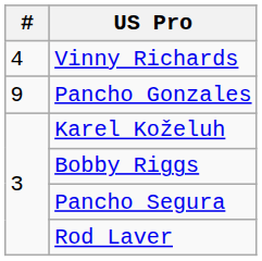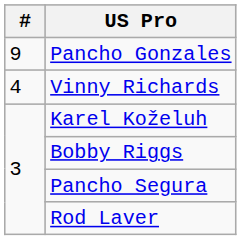 <table class=wikitable style="display:inline-table;">
 <tr>
 <th width=20>#</th>
 <th>US Pro</th>
 </tr>
 <tr>
+<td>9</td>
+<td> <a href='#'>Pancho Gonzales</a></td>
+</tr>
+<tr>
 <td>4</td>
 <td> <a href='#'>Vinny Richards</a></td>
-</tr>
-<tr>
-<td>9</td>
-<td> <a href='#'>Pancho Gonzales</a></td>
 </tr>
 <tr>
 <td rowspan="4">3</td>
 <td> <a href='#'>Karel Koželuh</a></td>
 </tr>
 <tr>
 <td> <a href='#'>Bobby Riggs</a></td>
 </tr>
 <tr>
 <td> <a href='#'>Pancho Segura</a></td>
 </tr>
 <tr>
 <td> <a href='#'>Rod Laver</a></td>
 </tr>
 </table>
